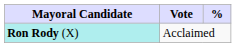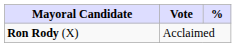 <table class="wikitable">
 <tr>
 <th style="background:#ddf; width:200px;">Mayoral Candidate</th>
 <th style="background:#ddf; width:50px;">Vote</th>
 <th style="background:#ddf; width:30px;">%</th>
 </tr>
 <tr>
-<td style="background: paleturquoise;"><strong>Ron Rody</strong> (X)</td>
+<td><strong>Ron Rody</strong> (X)</td>
 <td colspan="2">Acclaimed</td>
 </tr>
 </table>
